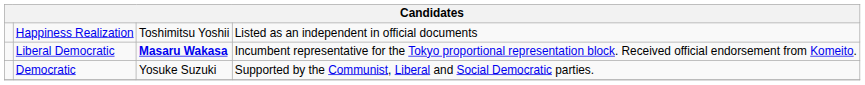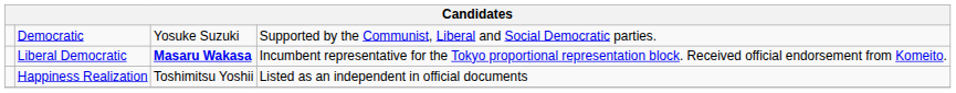 <table class="wikitable">
 <tr>
 <th colspan=4>Candidates</th>
 </tr>
 <tr>
 <td style="background:"> </td>
-<td><a href='#'>Happiness Realization</a></td>
-<td>Toshimitsu Yoshii</td>
-<td>Listed as an independent in official documents</td>
+<td><a href='#'>Democratic</a></td>
+<td>Yosuke Suzuki</td>
+<td>Supported by the <a href='#'>Communist</a>, <a href='#'>Liberal</a> and <a href='#'>Social Democratic</a> parties.</td>
 </tr>
 <tr>
 <td style="background:"> </td>
 <td><a href='#'>Liberal Democratic</a></td>
 <td><strong><a href='#'>Masaru Wakasa</a></strong></td>
 <td>Incumbent representative for the <a href='#'>Tokyo proportional representation block</a>. Received official endorsement from <a href='#'>Komeito</a>.</td>
 </tr>
 <tr>
 <td style="background:"> </td>
-<td><a href='#'>Democratic</a></td>
-<td>Yosuke Suzuki</td>
-<td>Supported by the <a href='#'>Communist</a>, <a href='#'>Liberal</a> and <a href='#'>Social Democratic</a> parties.</td>
+<td><a href='#'>Happiness Realization</a></td>
+<td>Toshimitsu Yoshii</td>
+<td>Listed as an independent in official documents</td>
 </tr>
 <tr>
 </tr>
 </table>
